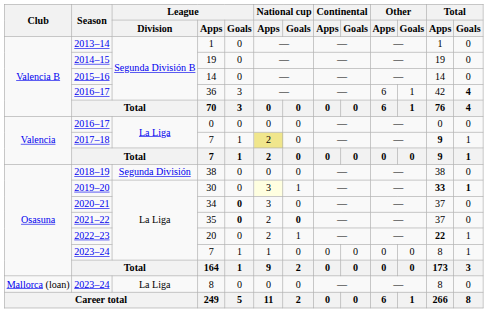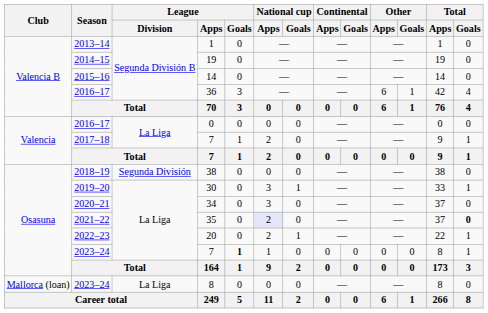 <table class="wikitable" style="text-align:center">
 <tr>
 <th rowspan="2">Club</th>
 <th rowspan="2">Season</th>
 <th colspan="3">League</th>
 <th colspan="2">National cup</th>
 <th colspan="2">Continental</th>
 <th colspan="2">Other</th>
 <th colspan="2">Total</th>
 </tr>
 <tr>
 <th>Division</th>
 <th>Apps</th>
 <th>Goals</th>
 <th>Apps</th>
 <th>Goals</th>
 <th>Apps</th>
 <th>Goals</th>
 <th>Apps</th>
 <th>Goals</th>
 <th>Apps</th>
 <th>Goals</th>
 </tr>
 <tr>
 <td rowspan="5"><a href='#'>Valencia B</a></td>
 <td><a href='#'>2013–14</a></td>
 <td rowspan="4"><a href='#'>Segunda División B</a></td>
 <td>1</td>
 <td>0</td>
 <td colspan="2">—</td>
 <td colspan="2">—</td>
 <td colspan="2">—</td>
 <td>1</td>
 <td>0</td>
 </tr>
 <tr>
 <td><a href='#'>2014–15</a></td>
 <td>19</td>
 <td>0</td>
 <td colspan="2">—</td>
 <td colspan="2">—</td>
 <td colspan="2">—</td>
 <td>19</td>
 <td>0</td>
 </tr>
 <tr>
 <td><a href='#'>2015–16</a></td>
 <td>14</td>
 <td>0</td>
 <td colspan="2">—</td>
 <td colspan="2">—</td>
 <td colspan="2">—</td>
 <td>14</td>
 <td>0</td>
 </tr>
 <tr>
 <td><a href='#'>2016–17</a></td>
 <td>36</td>
 <td>3</td>
 <td colspan="2">—</td>
 <td colspan="2">—</td>
 <td>6</td>
 <td>1</td>
 <td>42</td>
-<td><strong>4</strong></td>
+<td>4</td>
 </tr>
 <tr>
 <th colspan="2">Total</th>
 <th>70</th>
 <th>3</th>
 <th>0</th>
 <th>0</th>
 <th>0</th>
 <th>0</th>
 <th>6</th>
 <th>1</th>
 <th>76</th>
 <th>4</th>
 </tr>
 <tr>
 <td rowspan="3"><a href='#'>Valencia</a></td>
 <td><a href='#'>2016–17</a></td>
 <td rowspan="2"><a href='#'>La Liga</a></td>
 <td>0</td>
 <td>0</td>
 <td>0</td>
 <td>0</td>
 <td colspan="2">—</td>
 <td colspan="2">—</td>
 <td>0</td>
 <td>0</td>
 </tr>
 <tr>
 <td><a href='#'>2017–18</a></td>
 <td>7</td>
 <td>1</td>
-<td style="background: khaki;">2</td>
+<td>2</td>
 <td>0</td>
 <td colspan="2">—</td>
 <td colspan="2">—</td>
-<td><strong>9</strong></td>
+<td>9</td>
 <td>1</td>
 </tr>
 <tr>
 <th colspan="2">Total</th>
 <th>7</th>
 <th>1</th>
 <th>2</th>
 <th>0</th>
 <th>0</th>
 <th>0</th>
 <th>0</th>
 <th>0</th>
 <th>9</th>
 <th>1</th>
 </tr>
 <tr>
 <td rowspan="7"><a href='#'>Osasuna</a></td>
 <td><a href='#'>2018–19</a></td>
 <td><a href='#'>Segunda División</a></td>
 <td>38</td>
 <td>0</td>
 <td>0</td>
 <td>0</td>
 <td colspan="2">—</td>
 <td colspan="2">—</td>
 <td>38</td>
 <td>0</td>
 </tr>
 <tr>
 <td><a href='#'>2019–20</a></td>
 <td rowspan="5">La Liga</td>
 <td>30</td>
 <td>0</td>
-<td style="background: lightyellow;">3</td>
+<td>3</td>
 <td>1</td>
 <td colspan="2">—</td>
 <td colspan="2">—</td>
-<td><strong>33</strong></td>
-<td><strong>1</strong></td>
+<td>33</td>
+<td>1</td>
 </tr>
 <tr>
 <td><a href='#'>2020–21</a></td>
 <td>34</td>
-<td><strong>0</strong></td>
+<td>0</td>
 <td>3</td>
 <td>0</td>
 <td colspan="2">—</td>
 <td colspan="2">—</td>
 <td>37</td>
 <td>0</td>
 </tr>
 <tr>
 <td><a href='#'>2021–22</a></td>
 <td>35</td>
-<td><strong>0</strong></td>
-<td>2</td>
-<td><strong>0</strong></td>
+<td>0</td>
+<td style="background: lavender;">2</td>
+<td>0</td>
 <td colspan="2">—</td>
 <td colspan="2">—</td>
 <td>37</td>
-<td>0</td>
+<td><strong>0</strong></td>
 </tr>
 <tr>
 <td><a href='#'>2022–23</a></td>
 <td>20</td>
 <td>0</td>
 <td>2</td>
 <td>1</td>
 <td colspan="2">—</td>
 <td colspan="2">—</td>
-<td><strong>22</strong></td>
+<td>22</td>
 <td>1</td>
 </tr>
 <tr>
 <td><a href='#'>2023–24</a></td>
 <td>7</td>
-<td>1</td>
+<td><strong>1</strong></td>
 <td>1</td>
 <td>0</td>
 <td>0</td>
 <td>0</td>
 <td>0</td>
 <td>0</td>
 <td>8</td>
 <td>1</td>
 </tr>
 <tr>
 <th colspan="2">Total</th>
 <th>164</th>
 <th>1</th>
 <th>9</th>
 <th>2</th>
 <th>0</th>
 <th>0</th>
 <th>0</th>
 <th>0</th>
 <th>173</th>
 <th>3</th>
 </tr>
 <tr>
 <td><a href='#'>Mallorca</a> (loan)</td>
 <td><a href='#'>2023–24</a></td>
 <td>La Liga</td>
 <td>8</td>
 <td>0</td>
 <td>0</td>
 <td>0</td>
 <td colspan="2">—</td>
 <td colspan="2">—</td>
 <td>8</td>
 <td>0</td>
 </tr>
 <tr>
 <th colspan="3">Career total</th>
 <th>249</th>
 <th>5</th>
 <th>11</th>
 <th>2</th>
 <th>0</th>
 <th>0</th>
 <th>6</th>
 <th>1</th>
 <th>266</th>
 <th>8</th>
 </tr>
 </table>
